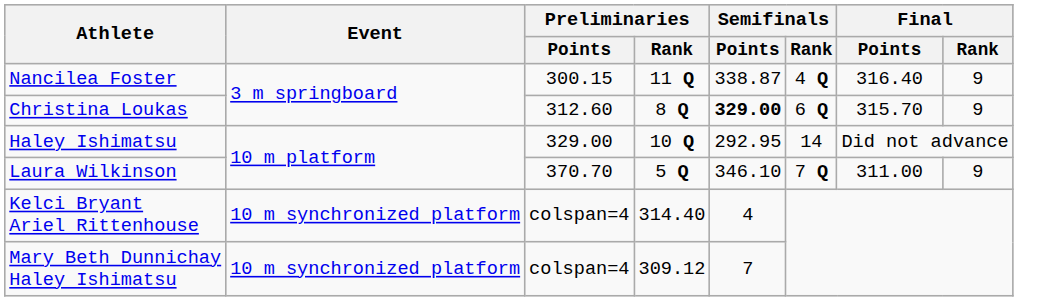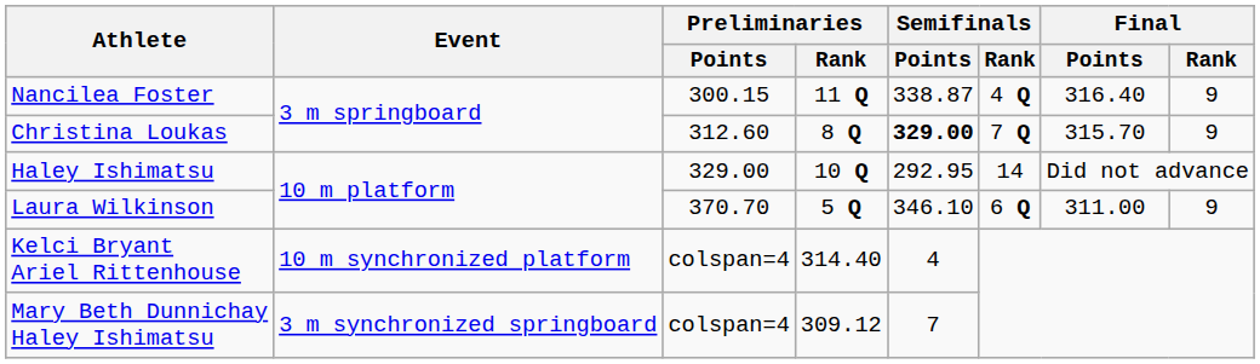 <table class=wikitable style=font-size:90%;text-align:center>
 <tr>
 <th rowspan=2>Athlete</th>
 <th rowspan=2>Event</th>
 <th colspan=2>Preliminaries</th>
 <th colspan=2>Semifinals</th>
 <th colspan=2>Final</th>
 </tr>
 <tr style=font-size:95%>
 <th>Points</th>
 <th>Rank</th>
 <th>Points</th>
 <th>Rank</th>
 <th>Points</th>
 <th>Rank</th>
 </tr>
 <tr>
 <td align=left><a href='#'>Nancilea Foster</a></td>
 <td align=left rowspan=2><a href='#'>3 m springboard</a></td>
 <td>300.15</td>
 <td>11 <strong>Q</strong></td>
 <td>338.87</td>
 <td>4 <strong>Q</strong></td>
 <td>316.40</td>
 <td>9</td>
 </tr>
 <tr>
 <td align=left><a href='#'>Christina Loukas</a></td>
 <td>312.60</td>
 <td>8 <strong>Q</strong></td>
 <td><strong>329.00</strong></td>
-<td>6 <strong>Q</strong></td>
+<td>7 <strong>Q</strong></td>
 <td>315.70</td>
 <td>9</td>
 </tr>
 <tr>
 <td align=left><a href='#'>Haley Ishimatsu</a></td>
 <td align=left rowspan=2><a href='#'>10 m platform</a></td>
 <td>329.00</td>
 <td>10 <strong>Q</strong></td>
 <td>292.95</td>
 <td>14</td>
 <td colspan=2>Did not advance</td>
 </tr>
 <tr>
 <td align=left><a href='#'>Laura Wilkinson</a></td>
 <td>370.70</td>
 <td>5 <strong>Q</strong></td>
 <td>346.10</td>
-<td>7 <strong>Q</strong></td>
+<td>6 <strong>Q</strong></td>
 <td>311.00</td>
 <td>9</td>
 </tr>
 <tr>
 <td align=left><a href='#'>Kelci Bryant</a><br><a href='#'>Ariel Rittenhouse</a></td>
 <td align=left><a href='#'>10 m synchronized platform</a></td>
 <td>colspan=4 </td>
 <td>314.40</td>
 <td>4</td>
 </tr>
 <tr>
 <td align=left><a href='#'>Mary Beth Dunnichay</a><br><a href='#'>Haley Ishimatsu</a></td>
-<td align=left><a href='#'>10 m synchronized platform</a></td>
+<td align=left><a href='#'>3 m synchronized springboard</a></td>
 <td>colspan=4 </td>
 <td>309.12</td>
 <td>7</td>
 </tr>
 </table>
